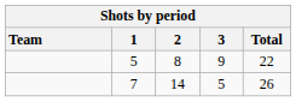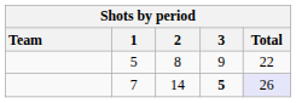 <table class="wikitable" style="width:20em; text-align:right;">
 <tr>
 <th colspan=6>Shots by period</th>
 </tr>
 <tr>
 <th style="width:8em; text-align:left;">Team</th>
 <th style="width:3em;">1</th>
 <th style="width:3em;">2</th>
 <th style="width:3em;">3</th>
 <th style="width:3em;">Total</th>
 </tr>
 <tr>
 <td style="text-align:left;"></td>
 <td style="text-align:center;">5</td>
 <td style="text-align:center;">8</td>
 <td style="text-align:center;">9</td>
 <td style="text-align:center;">22</td>
 </tr>
 <tr>
 <td style="text-align:left;"></td>
 <td style="text-align:center;">7</td>
 <td style="text-align:center;">14</td>
-<td style="text-align:center;">5</td>
-<td style="text-align:center;">26</td>
+<td style="text-align:center;"><strong>5</strong></td>
+<td style="background: lavender; text-align:center;">26</td>
 </tr>
 </table>
